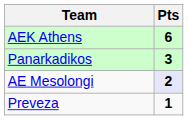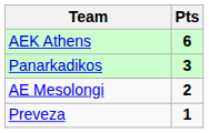 <table class="wikitable" style="text-align: center;">
 <tr>
 <th width=165>Team</th>
 <th width=20>Pts</th>
 </tr>
 <tr bgcolor="#ccffcc">
 <td align=left><a href='#'>AEK Athens</a></td>
 <td><strong>6</strong></td>
 </tr>
 <tr bgcolor="#ccffcc">
 <td align=left><a href='#'>Panarkadikos</a></td>
 <td><strong>3</strong></td>
 </tr>
 <tr>
 <td align=left><a href='#'>AE Mesolongi</a></td>
-<td style="background: lavender;"><strong>2</strong></td>
+<td><strong>2</strong></td>
 </tr>
 <tr>
 <td align=left><a href='#'>Preveza</a></td>
 <td><strong>1</strong></td>
 </tr>
 </table>
